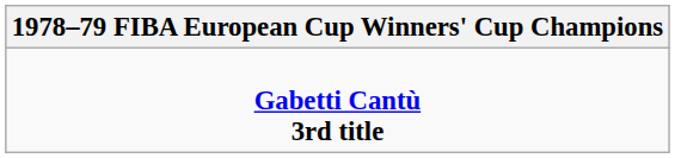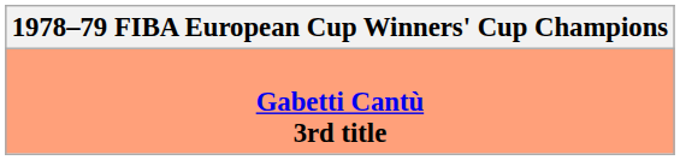 <table class=wikitable style="text-align:center; margin:auto">
 <tr>
 <th>1978–79 FIBA European Cup Winners' Cup Champions</th>
 </tr>
 <tr>
-<td><br> <strong><a href='#'>Gabetti Cantù</a></strong> <br> <strong>3rd title</strong></td>
+<td style="background: lightsalmon;"><br> <strong><a href='#'>Gabetti Cantù</a></strong> <br> <strong>3rd title</strong></td>
 </tr>
 </table>
